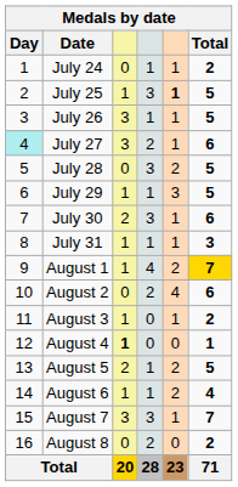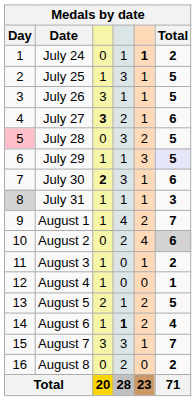 <table class=wikitable style="font-size:85%; float:right; text-align:center">
 <tr>
 <th colspan=6>Medals by date</th>
 </tr>
 <tr>
 <th>Day</th>
 <th>Date</th>
 <td bgcolor=F7F6A8></td>
 <td bgcolor=DCE5E5></td>
 <td bgcolor=FFDAB9></td>
 <th>Total</th>
 </tr>
 <tr>
 <td>1</td>
 <td>July 24</td>
 <td bgcolor=F7F6A8>0</td>
 <td bgcolor=DCE5E5>1</td>
-<td bgcolor=FFDAB9>1</td>
+<td bgcolor=FFDAB9><strong>1</strong></td>
 <td><strong>2</strong></td>
 </tr>
 <tr>
 <td>2</td>
 <td>July 25</td>
 <td bgcolor=F7F6A8>1</td>
 <td bgcolor=DCE5E5>3</td>
-<td bgcolor=FFDAB9><strong>1</strong></td>
+<td bgcolor=FFDAB9>1</td>
 <td><strong>5</strong></td>
 </tr>
 <tr>
 <td>3</td>
 <td>July 26</td>
 <td bgcolor=F7F6A8>3</td>
 <td bgcolor=DCE5E5>1</td>
 <td bgcolor=FFDAB9>1</td>
 <td><strong>5</strong></td>
 </tr>
 <tr>
-<td style="background: paleturquoise;">4</td>
+<td>4</td>
 <td>July 27</td>
-<td bgcolor=F7F6A8>3</td>
+<td bgcolor=F7F6A8><strong>3</strong></td>
 <td bgcolor=DCE5E5>2</td>
 <td bgcolor=FFDAB9>1</td>
 <td><strong>6</strong></td>
 </tr>
 <tr>
-<td>5</td>
+<td style="background: pink;">5</td>
 <td>July 28</td>
 <td bgcolor=F7F6A8>0</td>
 <td bgcolor=DCE5E5>3</td>
 <td bgcolor=FFDAB9>2</td>
 <td><strong>5</strong></td>
 </tr>
 <tr>
 <td>6</td>
 <td>July 29</td>
 <td bgcolor=F7F6A8>1</td>
 <td bgcolor=DCE5E5>1</td>
 <td bgcolor=FFDAB9>3</td>
-<td><strong>5</strong></td>
+<td style="background: lavender;"><strong>5</strong></td>
 </tr>
 <tr>
 <td>7</td>
 <td>July 30</td>
-<td bgcolor=F7F6A8>2</td>
+<td bgcolor=F7F6A8><strong>2</strong></td>
 <td bgcolor=DCE5E5>3</td>
 <td bgcolor=FFDAB9>1</td>
 <td><strong>6</strong></td>
 </tr>
 <tr>
-<td>8</td>
+<td style="background: lightgrey;">8</td>
 <td>July 31</td>
 <td bgcolor=F7F6A8>1</td>
 <td bgcolor=DCE5E5>1</td>
 <td bgcolor=FFDAB9>1</td>
 <td><strong>3</strong></td>
 </tr>
 <tr>
 <td>9</td>
 <td>August 1</td>
 <td bgcolor=F7F6A8>1</td>
 <td bgcolor=DCE5E5>4</td>
 <td bgcolor=FFDAB9>2</td>
-<td style="background: gold;"><strong>7</strong></td>
+<td><strong>7</strong></td>
 </tr>
 <tr>
 <td>10</td>
 <td>August 2</td>
 <td bgcolor=F7F6A8>0</td>
 <td bgcolor=DCE5E5>2</td>
 <td bgcolor=FFDAB9>4</td>
-<td><strong>6</strong></td>
+<td style="background: lightgrey;"><strong>6</strong></td>
 </tr>
 <tr>
 <td>11</td>
 <td>August 3</td>
 <td bgcolor=F7F6A8>1</td>
 <td bgcolor=DCE5E5>0</td>
 <td bgcolor=FFDAB9>1</td>
 <td><strong>2</strong></td>
 </tr>
 <tr>
 <td>12</td>
 <td>August 4</td>
-<td bgcolor=F7F6A8><strong>1</strong></td>
+<td bgcolor=F7F6A8>1</td>
 <td bgcolor=DCE5E5>0</td>
 <td bgcolor=FFDAB9>0</td>
 <td><strong>1</strong></td>
 </tr>
 <tr>
 <td>13</td>
 <td>August 5</td>
 <td bgcolor=F7F6A8>2</td>
 <td bgcolor=DCE5E5>1</td>
 <td bgcolor=FFDAB9>2</td>
 <td><strong>5</strong></td>
 </tr>
 <tr>
 <td>14</td>
 <td>August 6</td>
 <td bgcolor=F7F6A8>1</td>
-<td bgcolor=DCE5E5>1</td>
+<td bgcolor=DCE5E5><strong>1</strong></td>
 <td bgcolor=FFDAB9>2</td>
 <td><strong>4</strong></td>
 </tr>
 <tr>
 <td>15</td>
 <td>August 7</td>
 <td bgcolor=F7F6A8>3</td>
 <td bgcolor=DCE5E5>3</td>
 <td bgcolor=FFDAB9>1</td>
 <td><strong>7</strong></td>
 </tr>
 <tr>
 <td>16</td>
 <td>August 8</td>
 <td bgcolor=F7F6A8>0</td>
 <td bgcolor=DCE5E5>2</td>
 <td bgcolor=FFDAB9>0</td>
 <td><strong>2</strong></td>
 </tr>
 <tr>
 <th colspan=2>Total</th>
 <th style=background:gold>20</th>
 <th style=background:silver>28</th>
 <th style=background:#c96>23</th>
 <th>71</th>
 </tr>
 </table>
